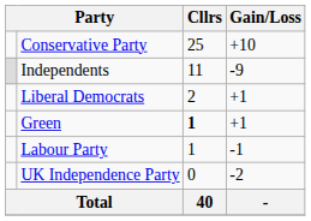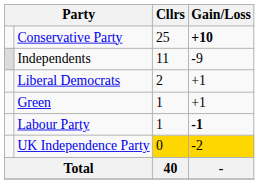 <table class="wikitable">
 <tr>
 <th colspan="2">Party</th>
 <th>Cllrs</th>
 <th>Gain/Loss</th>
 </tr>
 <tr>
 <td></td>
 <td><a href='#'>Conservative Party</a></td>
 <td>25</td>
-<td>+10</td>
+<td><strong>+10</strong></td>
 </tr>
 <tr>
 <td bgcolor="gainsboro"> </td>
 <td>Independents</td>
 <td>11</td>
 <td>-9</td>
 </tr>
 <tr>
 <td></td>
 <td><a href='#'>Liberal Democrats</a></td>
 <td>2</td>
 <td>+1</td>
 </tr>
 <tr>
 <td></td>
 <td><a href='#'>Green</a></td>
-<td><strong>1</strong></td>
+<td>1</td>
 <td>+1</td>
 </tr>
 <tr>
 <td></td>
 <td><a href='#'>Labour Party</a></td>
 <td>1</td>
-<td>-1</td>
+<td><strong>-1</strong></td>
 </tr>
 <tr>
 <td></td>
 <td><a href='#'>UK Independence Party</a></td>
-<td>0</td>
-<td>-2</td>
+<td style="background: gold;">0</td>
+<td style="background: gold;">-2</td>
 </tr>
 <tr>
 <th colspan="2">Total</th>
 <th>40</th>
 <th>-</th>
 </tr>
 <tr>
 </tr>
 </table>
